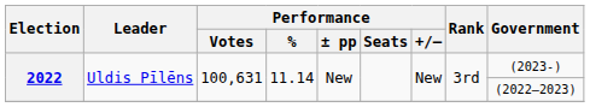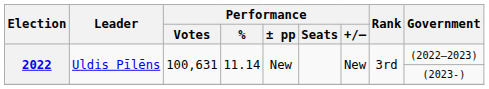 <table class=wikitable style=text-align:center>
 <tr>
 <th rowspan=2>Election</th>
 <th rowspan=2>Leader</th>
 <th colspan=5>Performance</th>
 <th rowspan=2>Rank</th>
 <th rowspan=2>Government</th>
 </tr>
 <tr>
 <th>Votes</th>
 <th>%</th>
 <th>± pp</th>
 <th>Seats</th>
 <th>+/–</th>
 </tr>
 <tr>
 <th rowspan="2"><a href='#'>2022</a></th>
 <td rowspan="2" align=left><a href='#'>Uldis Pīlēns</a></td>
 <td rowspan="2">100,631</td>
 <td rowspan="2">11.14</td>
 <td rowspan="2">New</td>
 <td rowspan="2"></td>
 <td rowspan="2">New</td>
 <td rowspan="2">3rd</td>
-<td> <small>(2023-)</small></td>
+<td> <small>(2022–2023)</small></td>
 </tr>
 <tr>
-<td> <small>(2022–2023)</small></td>
+<td> <small>(2023-)</small></td>
 </tr>
 <tr>
 </tr>
 </table>
